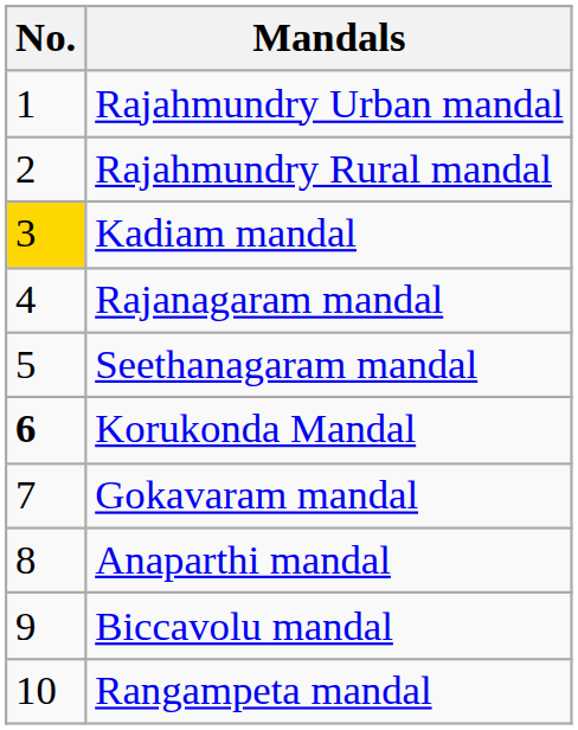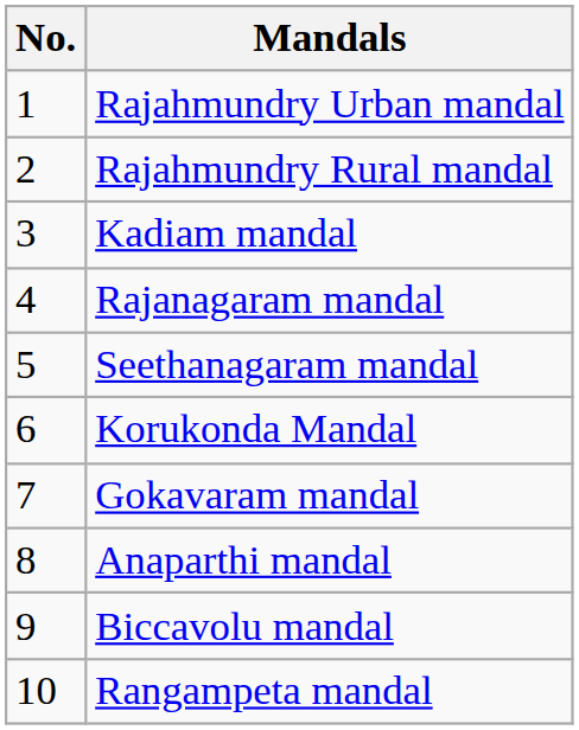 <table class="wikitable">
 <tr>
 <th>No.</th>
 <th>Mandals</th>
 </tr>
 <tr>
 <td>1</td>
 <td><a href='#'>Rajahmundry Urban mandal</a></td>
 </tr>
 <tr>
 <td>2</td>
 <td><a href='#'>Rajahmundry Rural mandal</a></td>
 </tr>
 <tr>
-<td style="background: gold;">3</td>
+<td>3</td>
 <td><a href='#'>Kadiam mandal</a></td>
 </tr>
 <tr>
 <td>4</td>
 <td><a href='#'>Rajanagaram mandal</a></td>
 </tr>
 <tr>
 <td>5</td>
 <td><a href='#'>Seethanagaram mandal</a></td>
 </tr>
 <tr>
-<td><strong>6</strong></td>
+<td>6</td>
 <td><a href='#'>Korukonda Mandal</a></td>
 </tr>
 <tr>
 <td>7</td>
 <td><a href='#'>Gokavaram mandal</a></td>
 </tr>
 <tr>
 <td>8</td>
 <td><a href='#'>Anaparthi mandal</a></td>
 </tr>
 <tr>
 <td>9</td>
 <td><a href='#'>Biccavolu mandal</a></td>
 </tr>
 <tr>
 <td>10</td>
 <td><a href='#'>Rangampeta mandal</a></td>
 </tr>
 </table>
